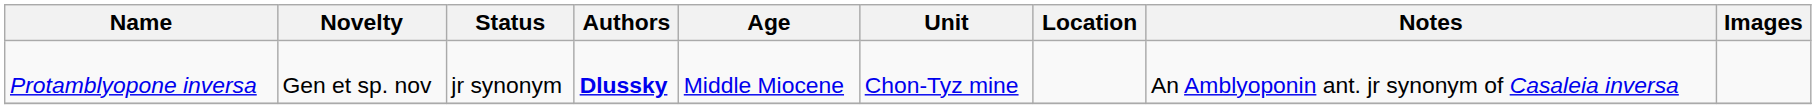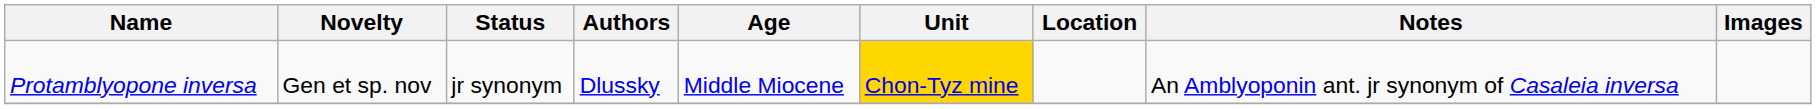 <table class="wikitable sortable" width="100%">
 <tr>
 <th>Name</th>
 <th>Novelty</th>
 <th>Status</th>
 <th>Authors</th>
 <th>Age</th>
 <th>Unit</th>
 <th>Location</th>
 <th>Notes</th>
 <th>Images</th>
 </tr>
 <tr>
 <td><br><em><a href='#'>Protamblyopone inversa</a></em></td>
 <td><br>Gen et sp. nov</td>
 <td><br>jr synonym</td>
-<td><strong><br><a href='#'>Dlussky</a></strong></td>
+<td><br><a href='#'>Dlussky</a></td>
 <td><br><a href='#'>Middle Miocene</a></td>
-<td><br><a href='#'>Chon-Tyz mine</a></td>
+<td style="background: gold;"><br><a href='#'>Chon-Tyz mine</a></td>
 <td><br></td>
 <td><br>An <a href='#'>Amblyoponin</a> ant. jr synonym of <em><a href='#'>Casaleia inversa</a></em></td>
 <td></td>
 </tr>
 <tr>
 </tr>
 </table>
